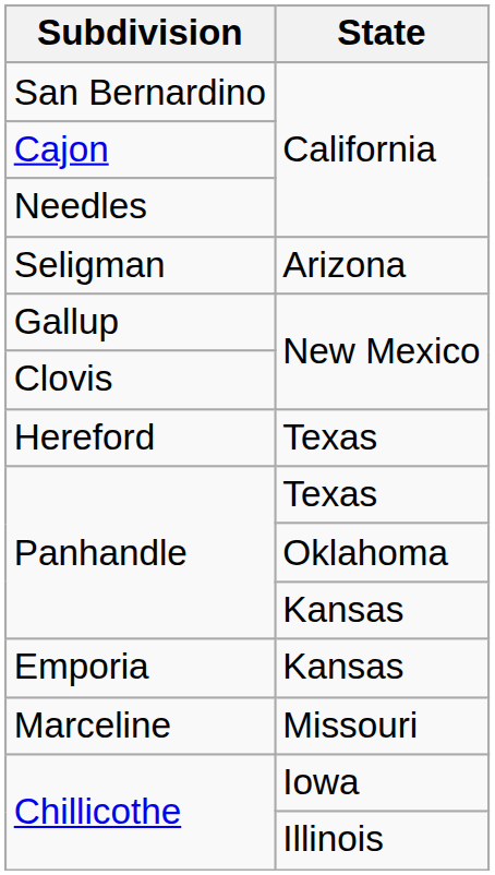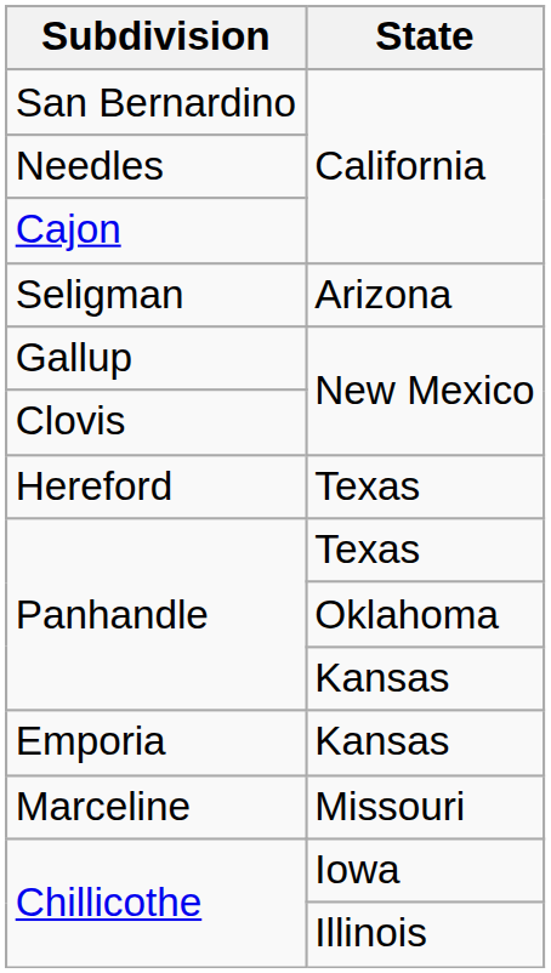 <table class="wikitable">
 <tr>
 <th>Subdivision</th>
 <th>State</th>
 </tr>
 <tr>
 <td>San Bernardino</td>
 <td rowspan="4">California</td>
 </tr>
 <tr>
-<td><a href='#'>Cajon</a></td>
+<td>Needles</td>
 </tr>
 <tr>
-<td>Needles</td>
+<td><a href='#'>Cajon</a></td>
 </tr>
 <tr>
 <td rowspan="2">Seligman</td>
 </tr>
 <tr>
 <td rowspan="2">Arizona</td>
 </tr>
 <tr>
 <td rowspan="2">Gallup</td>
 </tr>
 <tr>
 <td rowspan="2">New Mexico</td>
 </tr>
 <tr>
 <td>Clovis</td>
 </tr>
 <tr>
 <td>Hereford</td>
 <td>Texas</td>
 </tr>
 <tr>
 <td rowspan="3">Panhandle</td>
 <td>Texas</td>
 </tr>
 <tr>
 <td>Oklahoma</td>
 </tr>
 <tr>
 <td>Kansas</td>
 </tr>
 <tr>
 <td>Emporia</td>
 <td>Kansas</td>
 </tr>
 <tr>
 <td rowspan="2">Marceline</td>
 <td>Missouri</td>
 </tr>
 <tr>
 <td rowspan="2">Iowa</td>
 </tr>
 <tr>
 <td rowspan="2"><a href='#'>Chillicothe</a></td>
 </tr>
 <tr>
 <td>Illinois</td>
 </tr>
 </table>
